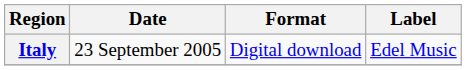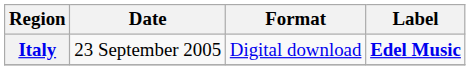 <table class="wikitable sortable plainrowheaders" style="text-align:center">
 <tr>
 <th>Region</th>
 <th>Date</th>
 <th>Format</th>
 <th>Label</th>
 </tr>
 <tr>
 <th scope="row"><a href='#'>Italy</a></th>
 <td>23 September 2005</td>
 <td><a href='#'>Digital download</a></td>
-<td><a href='#'>Edel Music</a></td>
+<td><strong><a href='#'>Edel Music</a></strong></td>
 </tr>
 <tr>
 </tr>
 </table>
